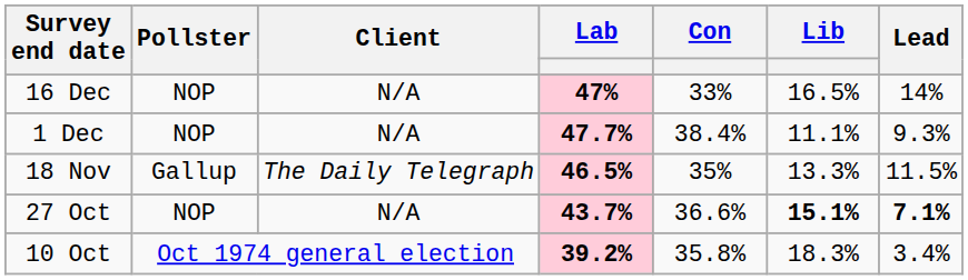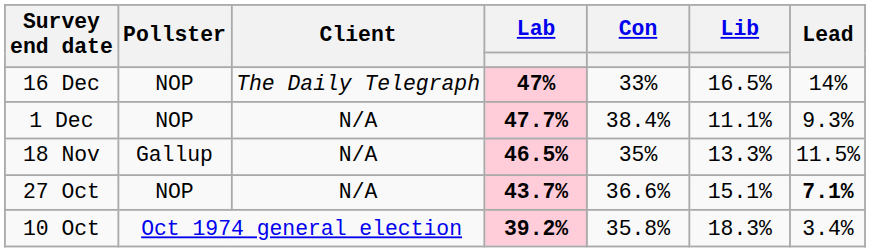 <table class="wikitable sortable mw-datatable" style="text-align:center;font-size:90%;line-height:14px;">
 <tr>
 <th rowspan="2">Survey<br>end date</th>
 <th rowspan="2">Pollster</th>
 <th rowspan="2">Client</th>
 <th class="unsortable" style="width:50px;"><a href='#'>Lab</a></th>
 <th class="unsortable" style="width:50px;"><a href='#'>Con</a></th>
 <th class="unsortable" style="width:50px;"><a href='#'>Lib</a></th>
 <th rowspan="2">Lead</th>
 </tr>
 <tr>
 <th style="background:"></th>
 <th style="background:"></th>
 <th style="background:"></th>
 </tr>
 <tr>
 <td>16 Dec</td>
 <td>NOP</td>
-<td>N/A</td>
+<td><em>The Daily Telegraph</em></td>
 <td style="background:#FFCCDA;"><strong>47%</strong></td>
 <td>33%</td>
 <td>16.5%</td>
 <td style="background:">14%</td>
 </tr>
 <tr>
 <td>1 Dec</td>
 <td>NOP</td>
 <td>N/A</td>
 <td style="background:#FFCCDA;"><strong>47.7%</strong></td>
 <td>38.4%</td>
 <td>11.1%</td>
 <td style="background:">9.3%</td>
 </tr>
 <tr>
 <td>18 Nov</td>
 <td>Gallup</td>
-<td><em>The Daily Telegraph</em></td>
+<td>N/A</td>
 <td style="background:#FFCCDA;"><strong>46.5%</strong></td>
 <td>35%</td>
 <td>13.3%</td>
 <td style="background:">11.5%</td>
 </tr>
 <tr>
 <td>27 Oct</td>
 <td>NOP</td>
 <td>N/A</td>
 <td style="background:#FFCCDA;"><strong>43.7%</strong></td>
 <td>36.6%</td>
-<td><strong>15.1%</strong></td>
+<td>15.1%</td>
 <td style="background:"><strong>7.1%</strong></td>
 </tr>
 <tr>
 <td>10 Oct</td>
 <td colspan="2"><a href='#'>Oct 1974 general election</a></td>
 <td style="background:#FFCCDA;"><strong>39.2%</strong></td>
 <td>35.8%</td>
 <td>18.3%</td>
 <td style="background:">3.4%</td>
 </tr>
 </table>
